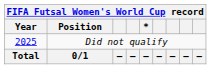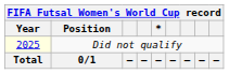 <table class="wikitable" style="text-align: center;">
 <tr>
 <th colspan="9"><a href='#'>FIFA Futsal Women's World Cup</a> record</th>
 </tr>
 <tr>
 <th>Year</th>
 <th>Position</th>
 <th></th>
 <th></th>
 <th>*</th>
 <th></th>
 <th></th>
 <th></th>
 <th></th>
 </tr>
 <tr>
-<td> <a href='#'>2025</a></td>
+<td style="background: lightyellow;"> <a href='#'>2025</a></td>
 <td colspan="8"><em>Did not qualify</em></td>
 </tr>
 <tr>
 <th>Total</th>
 <th>0/1</th>
 <th>—</th>
 <th>—</th>
 <th>—</th>
 <th>—</th>
 <th>—</th>
 <th>—</th>
 <th>—</th>
 </tr>
 </table>
